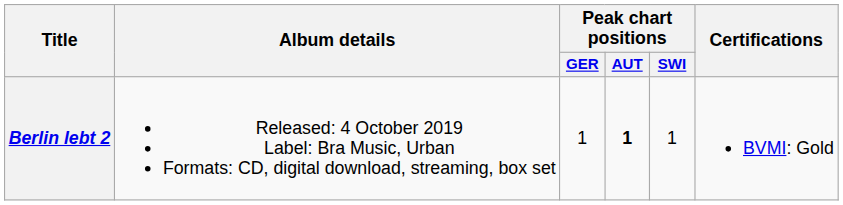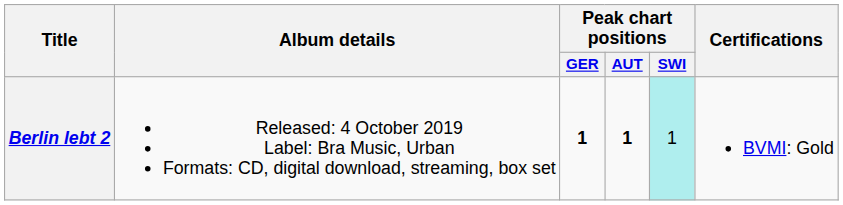 <table class="wikitable plainrowheaders" style="text-align:center;">
 <tr>
 <th scope="col" rowspan="2">Title</th>
 <th scope="col" rowspan="2">Album details</th>
 <th scope="col" colspan="3">Peak chart positions</th>
 <th rowspan="2">Certifications</th>
 </tr>
 <tr>
 <th style="width:2.5em; font-size:85%"><a href='#'>GER</a><br></th>
 <th style="width:2.5em; font-size:85%"><a href='#'>AUT</a><br></th>
 <th style="width:2.5em; font-size:85%"><a href='#'>SWI</a><br></th>
 </tr>
 <tr>
 <th scope="row"><em><a href='#'>Berlin lebt 2</a></em><br></th>
 <td><br><ul><li>Released: 4 October 2019</li><li>Label: Bra Music, Urban</li><li>Formats: CD, digital download, streaming, box set</li></ul></td>
-<td>1</td>
 <td><strong>1</strong></td>
-<td>1</td>
+<td><strong>1</strong></td>
+<td style="background: paleturquoise;">1</td>
 <td><br><ul><li><a href='#'>BVMI</a>: Gold</li></ul></td>
 </tr>
 </table>
